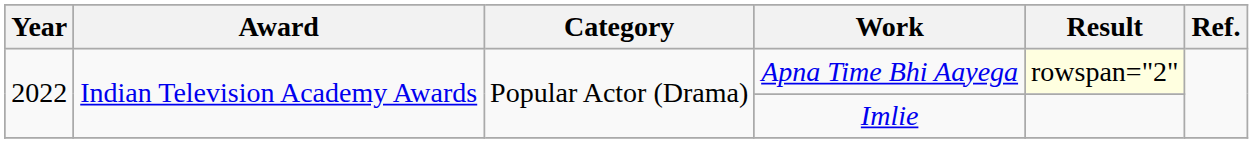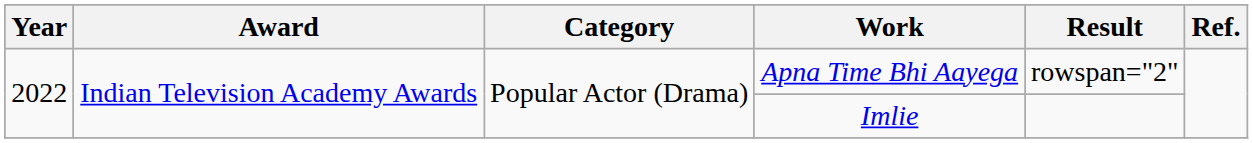 <table class="wikitable" style="text-align:center;">
 <tr>
 <th>Year</th>
 <th>Award</th>
 <th>Category</th>
 <th>Work</th>
 <th>Result</th>
 <th>Ref.</th>
 </tr>
 <tr>
 <td rowspan="2">2022</td>
 <td rowspan="2"><a href='#'>Indian Television Academy Awards</a></td>
 <td rowspan="2">Popular Actor (Drama)</td>
 <td><em><a href='#'>Apna Time Bhi Aayega</a></em></td>
-<td style="background: lightyellow;">rowspan="2" </td>
+<td>rowspan="2" </td>
 <td rowspan="2"></td>
 </tr>
 <tr>
 <td><em><a href='#'>Imlie</a></em></td>
 </tr>
 </table>
